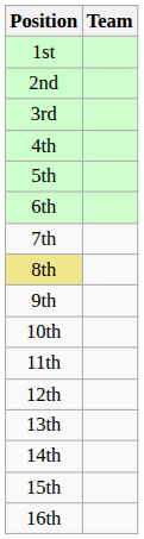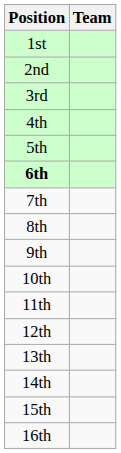 <table class="wikitable">
 <tr>
 <th>Position</th>
 <th>Team</th>
 </tr>
 <tr style="background:#cfc">
 <td style="text-align:center">1st</td>
 <td></td>
 </tr>
 <tr style="background:#cfc">
 <td style="text-align:center">2nd</td>
 <td></td>
 </tr>
 <tr style="background:#cfc">
 <td style="text-align:center">3rd</td>
 <td></td>
 </tr>
 <tr style="background:#cfc">
 <td style="text-align:center">4th</td>
 <td></td>
 </tr>
 <tr style="background:#cfc">
 <td style="text-align:center">5th</td>
 <td></td>
 </tr>
 <tr style="background:#cfc">
-<td style="text-align:center">6th</td>
+<td style="text-align:center"><strong>6th</strong></td>
 <td></td>
 </tr>
 <tr>
 <td style="text-align:center">7th</td>
 <td></td>
 </tr>
 <tr>
-<td style="background: khaki; text-align:center">8th</td>
+<td style="text-align:center">8th</td>
 <td></td>
 </tr>
 <tr>
 <td style="text-align:center">9th</td>
 <td></td>
 </tr>
 <tr>
 <td style="text-align:center">10th</td>
 <td></td>
 </tr>
 <tr>
 <td style="text-align:center">11th</td>
 <td></td>
 </tr>
 <tr>
 <td style="text-align:center">12th</td>
 <td></td>
 </tr>
 <tr>
 <td style="text-align:center">13th</td>
 <td></td>
 </tr>
 <tr>
 <td style="text-align:center">14th</td>
 <td></td>
 </tr>
 <tr>
 <td style="text-align:center">15th</td>
 <td></td>
 </tr>
 <tr>
 <td style="text-align:center">16th</td>
 <td></td>
 </tr>
 </table>
